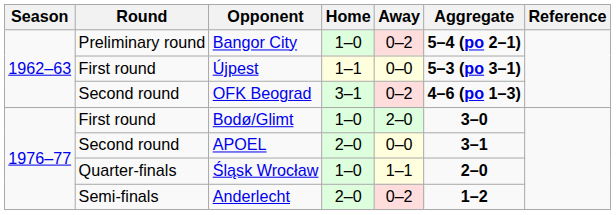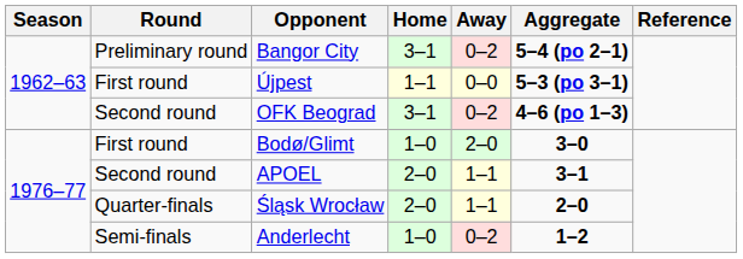 <table class="wikitable">
 <tr>
 <th>Season</th>
 <th>Round</th>
 <th>Opponent</th>
 <th>Home</th>
 <th>Away</th>
 <th>Aggregate</th>
 <th>Reference</th>
 </tr>
 <tr>
 <td rowspan=3><a href='#'>1962–63</a></td>
 <td>Preliminary round</td>
 <td> <a href='#'>Bangor City</a></td>
-<td style="text-align:center; background:#dfd;">1–0</td>
+<td style="text-align:center; background:#dfd;">3–1</td>
 <td style="text-align:center; background:#fdd;">0–2</td>
 <td style="text-align:center;"><strong>5–4 (<a href='#'>po</a> 2–1)</strong></td>
 <td rowspan="3" style="text-align:center;"></td>
 </tr>
 <tr>
 <td>First round</td>
 <td> <a href='#'>Újpest</a></td>
 <td style="text-align:center; background:#ffd;">1–1</td>
 <td style="text-align:center; background:#ffd;">0–0</td>
 <td style="text-align:center;"><strong>5–3 (<a href='#'>po</a> 3–1)</strong></td>
 </tr>
 <tr>
 <td>Second round</td>
 <td> <a href='#'>OFK Beograd</a></td>
 <td style="text-align:center; background:#dfd;">3–1</td>
 <td style="text-align:center; background:#fdd;">0–2</td>
 <td style="text-align:center;"><strong>4–6 (<a href='#'>po</a> 1–3)</strong></td>
 </tr>
 <tr>
 <td rowspan=4><a href='#'>1976–77</a></td>
 <td>First round</td>
 <td> <a href='#'>Bodø/Glimt</a></td>
 <td style="text-align:center; background:#dfd;">1–0</td>
 <td style="text-align:center; background:#dfd;">2–0</td>
 <td style="text-align:center;"><strong>3–0</strong></td>
 <td rowspan="4" style="text-align:center;"></td>
 </tr>
 <tr>
 <td>Second round</td>
 <td> <a href='#'>APOEL</a></td>
 <td style="text-align:center; background:#dfd;">2–0</td>
-<td style="text-align:center; background:#ffd;">0–0</td>
+<td style="text-align:center; background:#ffd;">1–1</td>
 <td style="text-align:center;"><strong>3–1</strong></td>
 </tr>
 <tr>
 <td>Quarter-finals</td>
 <td> <a href='#'>Śląsk Wrocław</a></td>
-<td style="text-align:center; background:#dfd;">1–0</td>
+<td style="text-align:center; background:#dfd;">2–0</td>
 <td style="text-align:center; background:#ffd;">1–1</td>
 <td style="text-align:center;"><strong>2–0</strong></td>
 </tr>
 <tr>
 <td>Semi-finals</td>
 <td> <a href='#'>Anderlecht</a></td>
-<td style="text-align:center; background:#dfd;">2–0</td>
+<td style="text-align:center; background:#dfd;">1–0</td>
 <td style="text-align:center; background:#fdd;">0–2</td>
 <td style="text-align:center;"><strong>1–2</strong></td>
 </tr>
 </table>
